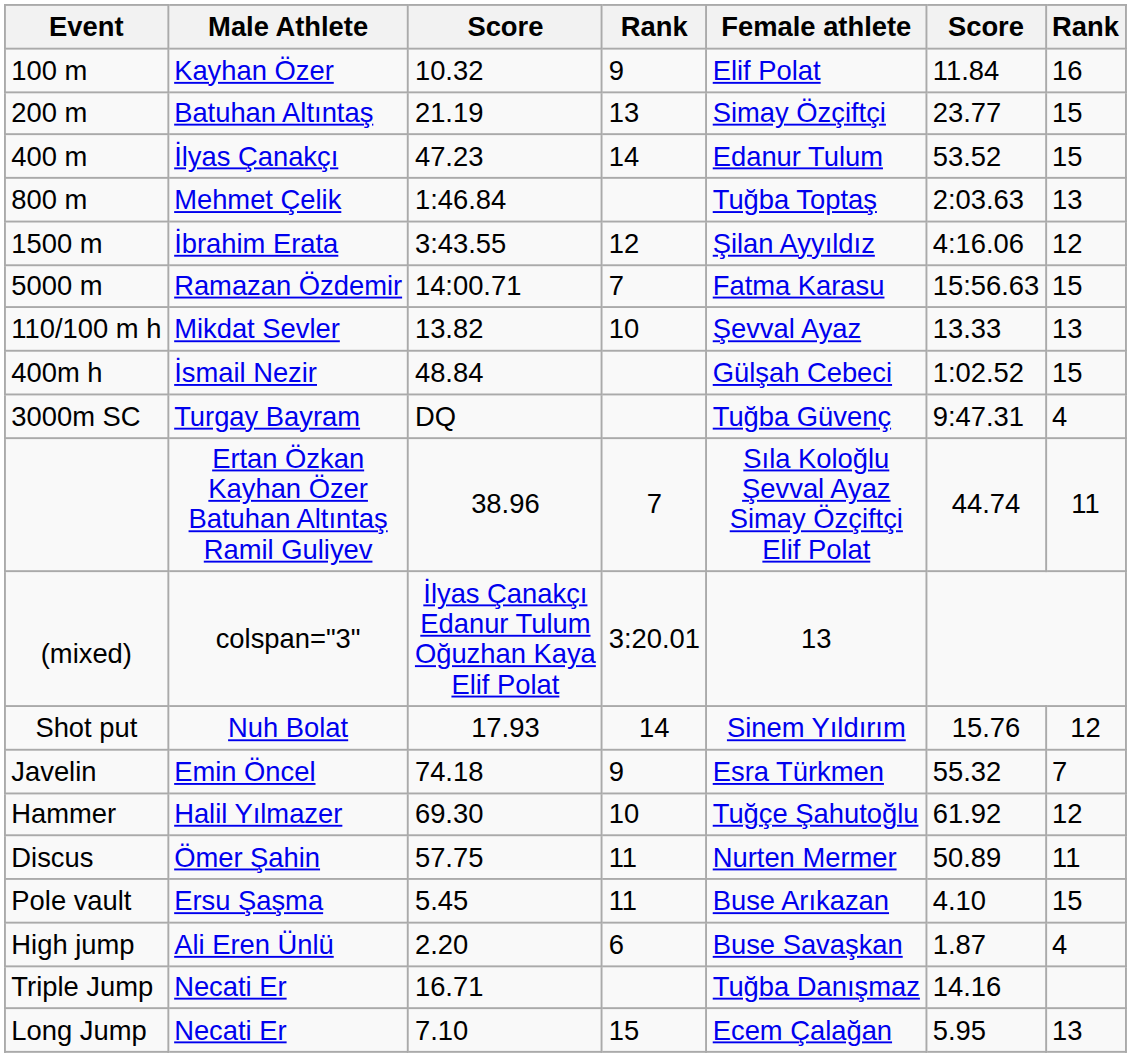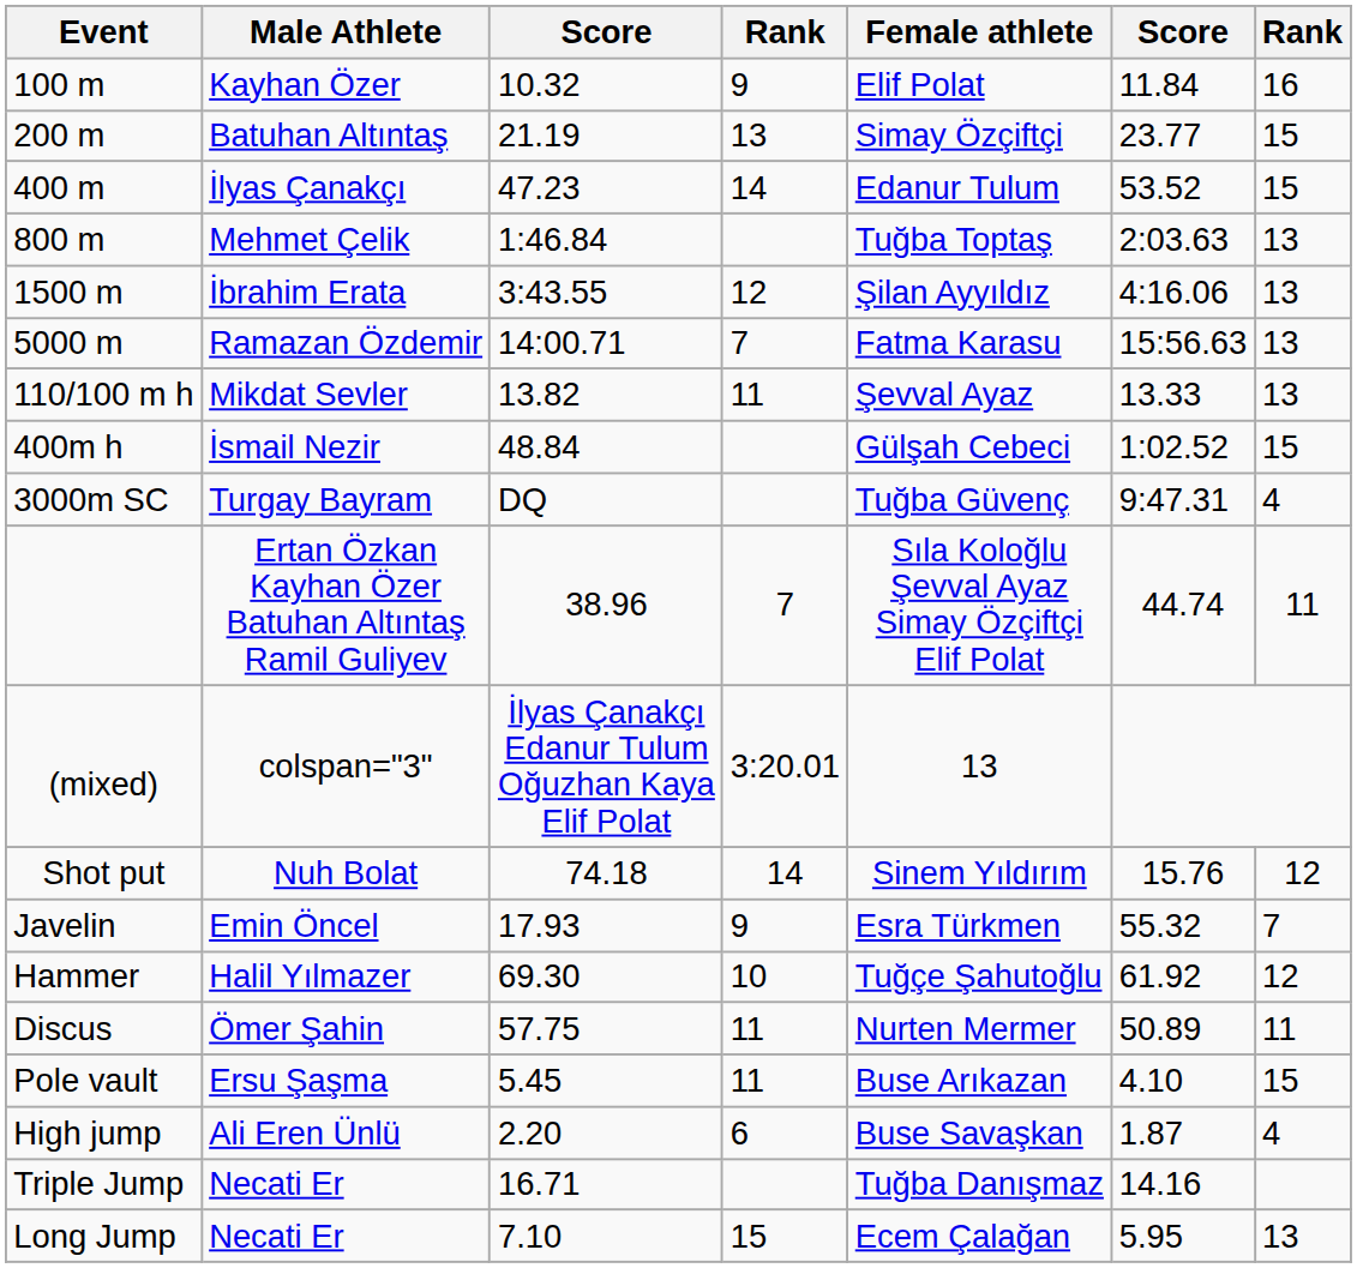 <table class="wikitable" style="text-align:left; font-size:90%">
 <tr>
 <th>Event</th>
 <th>Male Athlete</th>
 <th>Score</th>
 <th>Rank</th>
 <th>Female athlete</th>
 <th>Score</th>
 <th>Rank</th>
 </tr>
 <tr>
 <td>100 m</td>
 <td><a href='#'>Kayhan Özer</a></td>
 <td>10.32</td>
 <td>9</td>
 <td><a href='#'>Elif Polat</a></td>
 <td>11.84</td>
 <td>16</td>
 </tr>
 <tr>
 <td>200 m</td>
 <td><a href='#'>Batuhan Altıntaş</a></td>
 <td>21.19</td>
 <td>13</td>
 <td><a href='#'>Simay Özçiftçi</a></td>
 <td>23.77</td>
 <td>15</td>
 </tr>
 <tr>
 <td>400 m</td>
 <td><a href='#'>İlyas Çanakçı</a></td>
 <td>47.23</td>
 <td>14</td>
 <td><a href='#'>Edanur Tulum</a></td>
 <td>53.52</td>
 <td>15</td>
 </tr>
 <tr>
 <td>800 m</td>
 <td><a href='#'>Mehmet Çelik</a></td>
 <td>1:46.84</td>
 <td></td>
 <td><a href='#'>Tuğba Toptaş</a></td>
 <td>2:03.63</td>
 <td>13</td>
 </tr>
 <tr>
 <td>1500 m</td>
 <td><a href='#'>İbrahim Erata</a></td>
 <td>3:43.55</td>
 <td>12</td>
 <td><a href='#'>Şilan Ayyıldız</a></td>
 <td>4:16.06</td>
-<td>12</td>
+<td>13</td>
 </tr>
 <tr>
 <td>5000 m</td>
 <td><a href='#'>Ramazan Özdemir</a></td>
 <td>14:00.71</td>
 <td>7</td>
 <td><a href='#'>Fatma Karasu</a></td>
 <td>15:56.63</td>
-<td>15</td>
+<td>13</td>
 </tr>
 <tr>
 <td>110/100 m h</td>
 <td><a href='#'>Mikdat Sevler</a></td>
 <td>13.82</td>
-<td>10</td>
+<td>11</td>
 <td><a href='#'>Şevval Ayaz</a></td>
 <td>13.33</td>
 <td>13</td>
 </tr>
 <tr>
 <td>400m h</td>
 <td><a href='#'>İsmail Nezir</a></td>
 <td>48.84</td>
 <td></td>
 <td><a href='#'>Gülşah Cebeci</a></td>
 <td>1:02.52</td>
 <td>15</td>
 </tr>
 <tr>
 <td>3000m SC</td>
 <td><a href='#'>Turgay Bayram</a></td>
 <td>DQ</td>
 <td></td>
 <td><a href='#'>Tuğba Güvenç</a></td>
 <td>9:47.31</td>
 <td>4</td>
 </tr>
 <tr align=center>
 <td></td>
 <td><a href='#'>Ertan Özkan</a><br><a href='#'>Kayhan Özer</a><br><a href='#'>Batuhan Altıntaş</a><br><a href='#'>Ramil Guliyev</a></td>
 <td>38.96</td>
 <td>7</td>
 <td><a href='#'>Sıla Koloğlu</a><br><a href='#'>Şevval Ayaz</a><br><a href='#'>Simay Özçiftçi</a><br><a href='#'>Elif Polat</a></td>
 <td>44.74</td>
 <td>11</td>
 </tr>
 <tr align=center>
 <td><br>(mixed)</td>
 <td>colspan="3" </td>
 <td><a href='#'>İlyas Çanakçı</a><br><a href='#'>Edanur Tulum</a><br><a href='#'>Oğuzhan Kaya</a><br><a href='#'>Elif Polat</a></td>
 <td>3:20.01</td>
 <td>13</td>
 </tr>
 <tr align=center>
 <td>Shot put</td>
 <td><a href='#'>Nuh Bolat</a></td>
-<td>17.93</td>
+<td>74.18</td>
 <td>14</td>
 <td><a href='#'>Sinem Yıldırım</a></td>
 <td>15.76</td>
 <td>12</td>
 </tr>
 <tr>
 <td>Javelin</td>
 <td><a href='#'>Emin Öncel</a></td>
-<td>74.18</td>
+<td>17.93</td>
 <td>9</td>
 <td><a href='#'>Esra Türkmen</a></td>
 <td>55.32</td>
 <td>7</td>
 </tr>
 <tr>
 <td>Hammer</td>
 <td><a href='#'>Halil Yılmazer</a></td>
 <td>69.30</td>
 <td>10</td>
 <td><a href='#'>Tuğçe Şahutoğlu</a></td>
 <td>61.92</td>
 <td>12</td>
 </tr>
 <tr>
 <td>Discus</td>
 <td><a href='#'>Ömer Şahin</a></td>
 <td>57.75</td>
 <td>11</td>
 <td><a href='#'>Nurten Mermer</a></td>
 <td>50.89</td>
 <td>11</td>
 </tr>
 <tr>
 <td>Pole vault</td>
 <td><a href='#'>Ersu Şaşma</a></td>
 <td>5.45</td>
 <td>11</td>
 <td><a href='#'>Buse Arıkazan</a></td>
 <td>4.10</td>
 <td>15</td>
 </tr>
 <tr>
 <td>High jump</td>
 <td><a href='#'>Ali Eren Ünlü</a></td>
 <td>2.20</td>
 <td>6</td>
 <td><a href='#'>Buse Savaşkan</a></td>
 <td>1.87</td>
 <td>4</td>
 </tr>
 <tr>
 <td>Triple Jump</td>
 <td><a href='#'>Necati Er</a></td>
 <td>16.71</td>
 <td></td>
 <td><a href='#'>Tuğba Danışmaz</a></td>
 <td>14.16</td>
 <td></td>
 </tr>
 <tr>
 <td>Long Jump</td>
 <td><a href='#'>Necati Er</a></td>
 <td>7.10</td>
 <td>15</td>
 <td><a href='#'>Ecem Çalağan</a></td>
 <td>5.95</td>
 <td>13</td>
 </tr>
 </table>
